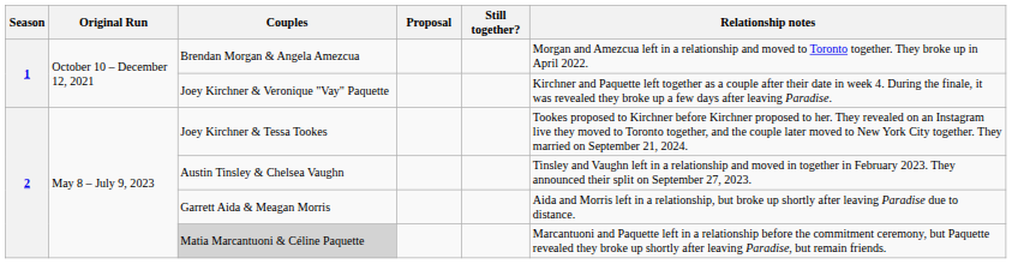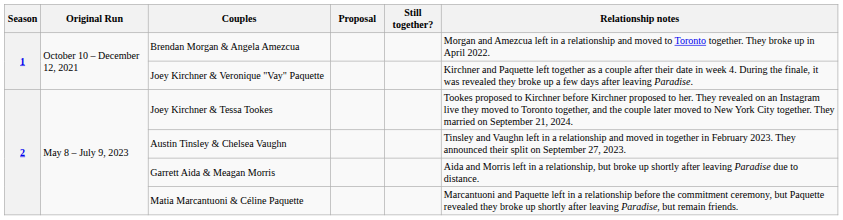 <table class="wikitable plainrowheaders" style="font-size:95%; width:100%;">
 <tr>
 <th scope="col" style="width:1%;">Season</th>
 <th scope="col" style="width:10%;">Original Run</th>
 <th scope="col" width="17%">Couples</th>
 <th scope="col" width="5%">Proposal</th>
 <th scope="col" width="5%">Still together?</th>
 <th scope="col" width="37%">Relationship notes</th>
 </tr>
 <tr>
 <th rowspan="2"><a href='#'>1</a></th>
 <td rowspan="2">October 10 – December 12, 2021</td>
 <td>Brendan Morgan & Angela Amezcua</td>
 <td></td>
 <td></td>
 <td>Morgan and Amezcua left in a relationship and moved to <a href='#'>Toronto</a> together. They broke up in April 2022.</td>
 </tr>
 <tr>
 <td>Joey Kirchner & Veronique "Vay" Paquette</td>
 <td></td>
 <td></td>
 <td>Kirchner and Paquette left together as a couple after their date in week 4. During the finale, it was revealed they broke up a few days after leaving <em>Paradise</em>.</td>
 </tr>
 <tr>
 <th rowspan="4"><a href='#'>2</a></th>
 <td rowspan="4">May 8 – July 9, 2023</td>
 <td>Joey Kirchner & Tessa Tookes</td>
 <td></td>
 <td></td>
 <td>Tookes proposed to Kirchner before Kirchner proposed to her. They revealed on an Instagram live they moved to Toronto together, and the couple later moved to New York City together. They married on September 21, 2024.</td>
 </tr>
 <tr>
 <td>Austin Tinsley & Chelsea Vaughn</td>
 <td></td>
 <td></td>
 <td>Tinsley and Vaughn left in a relationship and moved in together in February 2023. They announced their split on September 27, 2023.</td>
 </tr>
 <tr>
 <td>Garrett Aida & Meagan Morris</td>
 <td></td>
 <td></td>
 <td>Aida and Morris left in a relationship, but broke up shortly after leaving <em>Paradise</em> due to distance.</td>
 </tr>
 <tr>
-<td style="background: lightgrey;">Matia Marcantuoni & Céline Paquette</td>
+<td>Matia Marcantuoni & Céline Paquette</td>
 <td></td>
 <td></td>
 <td>Marcantuoni and Paquette left in a relationship before the commitment ceremony, but Paquette revealed they broke up shortly after leaving <em>Paradise</em>, but remain friends.</td>
 </tr>
 </table>
